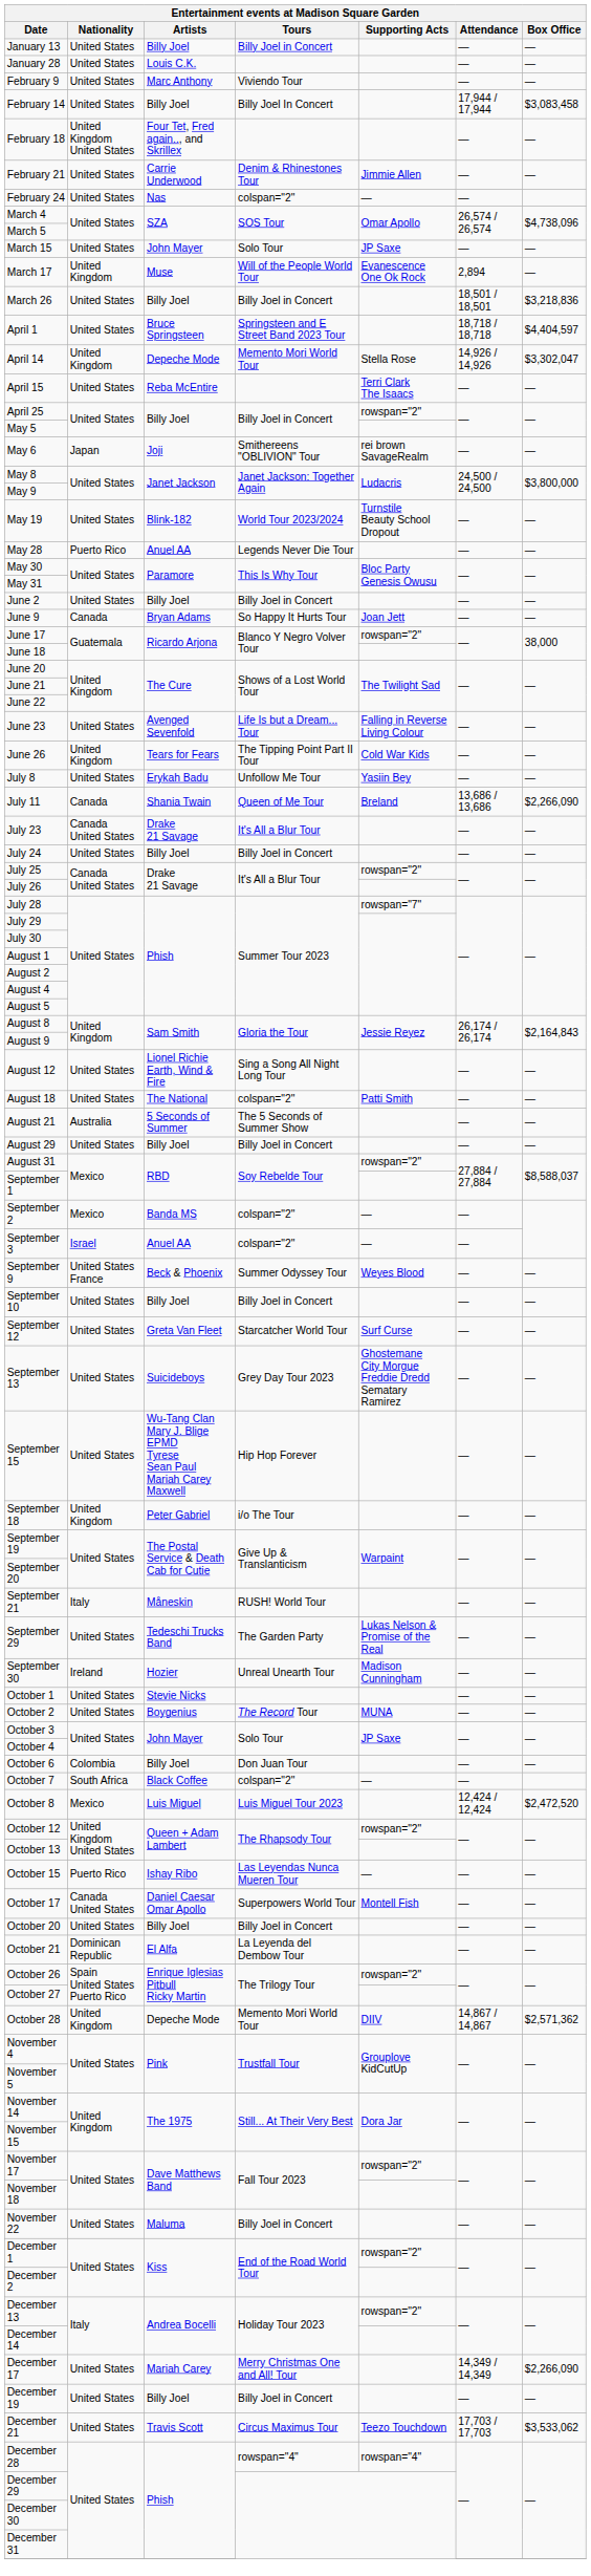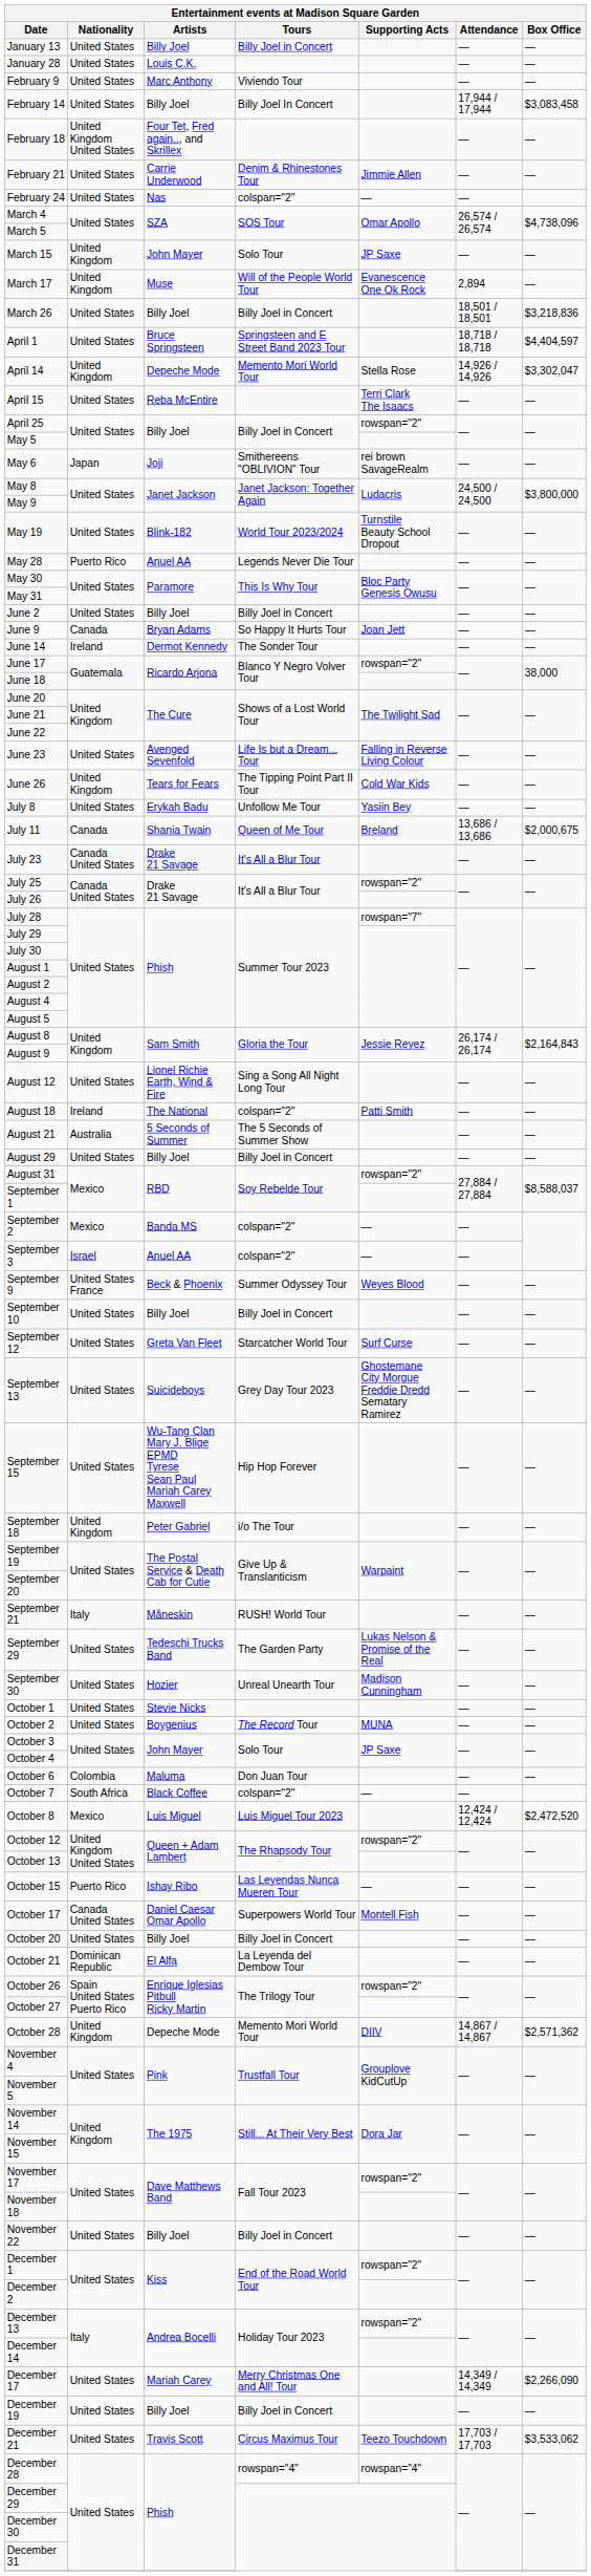 <table class="wikitable">
 <tr>
 <th colspan="7">Entertainment events at Madison Square Garden</th>
 </tr>
 <tr>
 <th width=100>Date</th>
 <th width=150>Nationality</th>
 <th width=200>Artists</th>
 <th width=300>Tours</th>
 <th width=200>Supporting Acts</th>
 <th width=100>Attendance</th>
 <th width=100>Box Office</th>
 </tr>
 <tr>
 <td>January 13</td>
 <td>United States</td>
 <td><a href='#'>Billy Joel</a></td>
 <td><a href='#'>Billy Joel in Concert</a></td>
 <td></td>
 <td>—</td>
 <td>—</td>
 </tr>
 <tr>
 <td>January 28</td>
 <td>United States</td>
 <td><a href='#'>Louis C.K.</a></td>
 <td></td>
 <td></td>
 <td>—</td>
 <td>—</td>
 </tr>
 <tr>
 <td>February 9</td>
 <td>United States</td>
 <td><a href='#'>Marc Anthony</a></td>
 <td>Viviendo Tour</td>
 <td></td>
 <td>—</td>
 <td>—</td>
 </tr>
 <tr>
 <td>February 14</td>
 <td>United States</td>
 <td>Billy Joel</td>
 <td>Billy Joel In Concert</td>
 <td></td>
 <td>17,944 / 17,944</td>
 <td>$3,083,458</td>
 </tr>
 <tr>
 <td>February 18</td>
 <td>United Kingdom<br>United States</td>
 <td><a href='#'>Four Tet</a>, <a href='#'>Fred again..</a>, and <a href='#'>Skrillex</a></td>
 <td></td>
 <td></td>
 <td>—</td>
 <td>—</td>
 </tr>
 <tr>
 <td>February 21</td>
 <td>United States</td>
 <td><a href='#'>Carrie Underwood</a></td>
 <td><a href='#'>Denim & Rhinestones Tour</a></td>
 <td><a href='#'>Jimmie Allen</a></td>
 <td>—</td>
 <td>—</td>
 </tr>
 <tr>
 <td>February 24</td>
 <td>United States</td>
 <td><a href='#'>Nas</a></td>
 <td>colspan="2" </td>
 <td>—</td>
 <td>—</td>
 </tr>
 <tr>
 <td>March 4</td>
 <td rowspan="2">United States</td>
 <td rowspan="2"><a href='#'>SZA</a></td>
 <td rowspan="2"><a href='#'>SOS Tour</a></td>
 <td rowspan="2"><a href='#'>Omar Apollo</a></td>
 <td rowspan="2">26,574 / 26,574</td>
 <td rowspan="2">$4,738,096</td>
 </tr>
 <tr>
 <td>March 5</td>
 </tr>
 <tr>
 <td>March 15</td>
-<td>United States</td>
+<td>United Kingdom</td>
 <td><a href='#'>John Mayer</a></td>
 <td>Solo Tour</td>
 <td><a href='#'>JP Saxe</a></td>
 <td>—</td>
 <td>—</td>
 </tr>
 <tr>
 <td>March 17</td>
 <td>United Kingdom</td>
 <td><a href='#'>Muse</a></td>
 <td><a href='#'>Will of the People World Tour</a></td>
 <td><a href='#'>Evanescence</a><br><a href='#'>One Ok Rock</a></td>
 <td>2,894</td>
 <td>—</td>
 </tr>
 <tr>
 <td>March 26</td>
 <td>United States</td>
 <td>Billy Joel</td>
 <td>Billy Joel in Concert</td>
 <td></td>
 <td>18,501 / 18,501</td>
 <td>$3,218,836</td>
 </tr>
 <tr>
 <td>April 1</td>
 <td>United States</td>
 <td><a href='#'>Bruce Springsteen</a></td>
 <td><a href='#'>Springsteen and E Street Band 2023 Tour</a></td>
 <td></td>
 <td>18,718 / 18,718</td>
 <td>$4,404,597</td>
 </tr>
 <tr>
 <td>April 14</td>
 <td>United Kingdom</td>
 <td><a href='#'>Depeche Mode</a></td>
 <td><a href='#'>Memento Mori World Tour</a></td>
 <td>Stella Rose</td>
 <td>14,926 / 14,926</td>
 <td>$3,302,047</td>
 </tr>
 <tr>
 <td>April 15</td>
 <td>United States</td>
 <td><a href='#'>Reba McEntire</a></td>
 <td></td>
 <td><a href='#'>Terri Clark</a><br><a href='#'>The Isaacs</a></td>
 <td>—</td>
 <td>—</td>
 </tr>
 <tr>
 <td>April 25</td>
 <td rowspan="2">United States</td>
 <td rowspan="2">Billy Joel</td>
 <td rowspan="2">Billy Joel in Concert</td>
 <td>rowspan="2" </td>
 <td rowspan="2">—</td>
 <td rowspan="2">—</td>
 </tr>
 <tr>
 <td>May 5</td>
 </tr>
 <tr>
 <td>May 6</td>
 <td>Japan</td>
 <td><a href='#'>Joji</a></td>
 <td>Smithereens "OBLIVION" Tour</td>
 <td>rei brown<br>SavageRealm</td>
 <td>—</td>
 <td>—</td>
 </tr>
 <tr>
 <td>May 8</td>
 <td rowspan="2">United States</td>
 <td rowspan="2"><a href='#'>Janet Jackson</a></td>
 <td rowspan="2"><a href='#'>Janet Jackson: Together Again</a></td>
 <td rowspan="2"><a href='#'>Ludacris</a></td>
 <td rowspan="2">24,500 / 24,500</td>
 <td rowspan="2">$3,800,000</td>
 </tr>
 <tr>
 <td>May 9</td>
 </tr>
 <tr>
 <td>May 19</td>
 <td>United States</td>
 <td><a href='#'>Blink-182</a></td>
 <td><a href='#'>World Tour 2023/2024</a></td>
 <td><a href='#'>Turnstile</a><br>Beauty School Dropout</td>
 <td>—</td>
 <td>—</td>
 </tr>
 <tr>
 <td>May 28</td>
 <td>Puerto Rico</td>
 <td><a href='#'>Anuel AA</a></td>
 <td>Legends Never Die Tour</td>
 <td></td>
 <td>—</td>
 <td>—</td>
 </tr>
 <tr>
 <td>May 30</td>
 <td rowspan="2">United States</td>
 <td rowspan="2"><a href='#'>Paramore</a></td>
 <td rowspan="2"><a href='#'>This Is Why Tour</a></td>
 <td rowspan="2"><a href='#'>Bloc Party</a><br><a href='#'>Genesis Owusu</a></td>
 <td rowspan="2">—</td>
 <td rowspan="2">—</td>
 </tr>
 <tr>
 <td>May 31</td>
 </tr>
 <tr>
 <td>June 2</td>
 <td>United States</td>
 <td>Billy Joel</td>
 <td>Billy Joel in Concert</td>
 <td></td>
 <td>—</td>
 <td>—</td>
 </tr>
 <tr>
 <td>June 9</td>
 <td>Canada</td>
 <td><a href='#'>Bryan Adams</a></td>
 <td>So Happy It Hurts Tour</td>
 <td><a href='#'>Joan Jett</a></td>
 <td>—</td>
 <td>—</td>
 </tr>
 <tr>
+<td>June 14</td>
+<td>Ireland</td>
+<td><a href='#'>Dermot Kennedy</a></td>
+<td>The Sonder Tour</td>
+<td></td>
+<td>—</td>
+<td>—</td>
+</tr>
+<tr>
 <td>June 17</td>
 <td rowspan="2">Guatemala</td>
 <td rowspan="2"><a href='#'>Ricardo Arjona</a></td>
 <td rowspan="2">Blanco Y Negro Volver Tour</td>
 <td>rowspan="2" </td>
 <td rowspan="2">—</td>
 <td rowspan="2">38,000</td>
 </tr>
 <tr>
 <td>June 18</td>
 </tr>
 <tr>
 <td>June 20</td>
 <td rowspan="3">United Kingdom</td>
 <td rowspan="3"><a href='#'>The Cure</a></td>
 <td rowspan="3">Shows of a Lost World Tour</td>
 <td rowspan="3"><a href='#'>The Twilight Sad</a></td>
 <td rowspan="3">—</td>
 <td rowspan="3">—</td>
 </tr>
 <tr>
 <td>June 21</td>
 </tr>
 <tr>
 <td>June 22</td>
 </tr>
 <tr>
 <td>June 23</td>
 <td>United States</td>
 <td><a href='#'>Avenged Sevenfold</a></td>
 <td><a href='#'>Life Is but a Dream... Tour</a></td>
 <td><a href='#'>Falling in Reverse</a><br><a href='#'>Living Colour</a></td>
 <td>—</td>
 <td>—</td>
 </tr>
 <tr>
 <td>June 26</td>
 <td>United Kingdom</td>
 <td><a href='#'>Tears for Fears</a></td>
 <td>The Tipping Point Part II Tour</td>
 <td><a href='#'>Cold War Kids</a></td>
 <td>—</td>
 <td>—</td>
 </tr>
 <tr>
 <td>July 8</td>
 <td>United States</td>
 <td><a href='#'>Erykah Badu</a></td>
 <td>Unfollow Me Tour</td>
 <td><a href='#'>Yasiin Bey</a></td>
 <td>—</td>
 <td>—</td>
 </tr>
 <tr>
 <td>July 11</td>
 <td>Canada</td>
 <td><a href='#'>Shania Twain</a></td>
 <td><a href='#'>Queen of Me Tour</a></td>
 <td><a href='#'>Breland</a></td>
 <td>13,686 / 13,686</td>
-<td>$2,266,090</td>
+<td>$2,000,675</td>
 </tr>
 <tr>
 <td>July 23</td>
 <td>Canada<br>United States</td>
 <td><a href='#'>Drake</a><br><a href='#'>21 Savage</a></td>
 <td><a href='#'>It's All a Blur Tour</a></td>
-<td></td>
-<td>—</td>
-<td>—</td>
-</tr>
-<tr>
-<td>July 24</td>
-<td>United States</td>
-<td>Billy Joel</td>
-<td>Billy Joel in Concert</td>
 <td></td>
 <td>—</td>
 <td>—</td>
 </tr>
 <tr>
 <td>July 25</td>
 <td rowspan="2">Canada<br>United States</td>
 <td rowspan="2">Drake<br>21 Savage</td>
 <td rowspan="2">It's All a Blur Tour</td>
 <td>rowspan="2" </td>
 <td rowspan="2">—</td>
 <td rowspan="2">—</td>
 </tr>
 <tr>
 <td>July 26</td>
 </tr>
 <tr>
 <td>July 28</td>
 <td rowspan="7">United States</td>
 <td rowspan="7"><a href='#'>Phish</a></td>
 <td rowspan="7">Summer Tour 2023</td>
 <td>rowspan="7" </td>
 <td rowspan="7">—</td>
 <td rowspan="7">—</td>
 </tr>
 <tr>
 <td>July 29</td>
 </tr>
 <tr>
 <td>July 30</td>
 </tr>
 <tr>
 <td>August 1</td>
 </tr>
 <tr>
 <td>August 2</td>
 </tr>
 <tr>
 <td>August 4</td>
 </tr>
 <tr>
 <td>August 5</td>
 </tr>
 <tr>
 <td>August 8</td>
 <td rowspan="2">United Kingdom</td>
 <td rowspan="2"><a href='#'>Sam Smith</a></td>
 <td rowspan="2"><a href='#'>Gloria the Tour</a></td>
 <td rowspan="2"><a href='#'>Jessie Reyez</a></td>
 <td rowspan="2">26,174 / 26,174</td>
 <td rowspan="2">$2,164,843</td>
 </tr>
 <tr>
 <td>August 9</td>
 </tr>
 <tr>
 <td>August 12</td>
 <td>United States</td>
 <td><a href='#'>Lionel Richie</a><br><a href='#'>Earth, Wind & Fire</a></td>
 <td>Sing a Song All Night Long Tour</td>
 <td></td>
 <td>—</td>
 <td>—</td>
 </tr>
 <tr>
 <td>August 18</td>
-<td>United States</td>
+<td>Ireland</td>
 <td><a href='#'>The National</a></td>
 <td>colspan="2" </td>
 <td><a href='#'>Patti Smith</a></td>
 <td>—</td>
 <td>—</td>
 </tr>
 <tr>
 <td>August 21</td>
 <td>Australia</td>
 <td><a href='#'>5 Seconds of Summer</a></td>
 <td>The 5 Seconds of Summer Show</td>
 <td></td>
 <td>—</td>
 <td>—</td>
 </tr>
 <tr>
 <td>August 29</td>
 <td>United States</td>
 <td>Billy Joel</td>
 <td>Billy Joel in Concert</td>
 <td></td>
 <td>—</td>
 <td>—</td>
 </tr>
 <tr>
 <td>August 31</td>
 <td rowspan="2">Mexico</td>
 <td rowspan="2"><a href='#'>RBD</a></td>
 <td rowspan="2"><a href='#'>Soy Rebelde Tour</a></td>
 <td>rowspan="2" </td>
 <td rowspan="2">27,884 / 27,884</td>
 <td rowspan="2">$8,588,037</td>
 </tr>
 <tr>
 <td>September 1</td>
 </tr>
 <tr>
 <td>September 2</td>
 <td>Mexico</td>
 <td><a href='#'>Banda MS</a></td>
 <td>colspan="2" </td>
 <td>—</td>
 <td>—</td>
 </tr>
 <tr>
 <td>September 3</td>
 <td><a href='#'>Israel</a></td>
 <td><a href='#'>Anuel AA</a></td>
 <td>colspan="2" </td>
 <td>—</td>
 <td>—</td>
 </tr>
 <tr>
 <td>September 9</td>
 <td>United States<br>France</td>
 <td><a href='#'>Beck</a> & <a href='#'>Phoenix</a></td>
 <td>Summer Odyssey Tour</td>
 <td><a href='#'>Weyes Blood</a></td>
 <td>—</td>
 <td>—</td>
 </tr>
 <tr>
 <td>September 10</td>
 <td>United States</td>
 <td>Billy Joel</td>
 <td>Billy Joel in Concert</td>
 <td></td>
 <td>—</td>
 <td>—</td>
 </tr>
 <tr>
 <td>September 12</td>
 <td>United States</td>
 <td><a href='#'>Greta Van Fleet</a></td>
 <td>Starcatcher World Tour</td>
 <td><a href='#'>Surf Curse</a></td>
 <td>—</td>
 <td>—</td>
 </tr>
 <tr>
 <td>September 13</td>
 <td>United States</td>
 <td><a href='#'>Suicideboys</a></td>
 <td>Grey Day Tour 2023</td>
 <td><a href='#'>Ghostemane</a><br><a href='#'>City Morgue</a><br><a href='#'>Freddie Dredd</a><br>Sematary<br>Ramirez</td>
 <td>—</td>
 <td>—</td>
 </tr>
 <tr>
 <td>September 15</td>
 <td>United States</td>
 <td><a href='#'>Wu-Tang Clan</a><br><a href='#'>Mary J. Blige</a><br><a href='#'>EPMD</a><br><a href='#'>Tyrese</a><br><a href='#'>Sean Paul</a><br><a href='#'>Mariah Carey</a><br><a href='#'>Maxwell</a></td>
 <td>Hip Hop Forever</td>
 <td></td>
 <td>—</td>
 <td>—</td>
 </tr>
 <tr>
 <td>September 18</td>
 <td>United Kingdom</td>
 <td><a href='#'>Peter Gabriel</a></td>
 <td>i/o The Tour</td>
 <td></td>
 <td>—</td>
 <td>—</td>
 </tr>
 <tr>
 <td>September 19</td>
 <td rowspan="2">United States</td>
 <td rowspan="2"><a href='#'>The Postal Service</a> & <a href='#'>Death Cab for Cutie</a></td>
 <td rowspan="2">Give Up & Translanticism</td>
 <td rowspan="2"><a href='#'>Warpaint</a></td>
 <td rowspan="2">—</td>
 <td rowspan="2">—</td>
 </tr>
 <tr>
 <td>September 20</td>
 </tr>
 <tr>
 <td>September 21</td>
 <td>Italy</td>
 <td><a href='#'>Måneskin</a></td>
 <td>RUSH! World Tour</td>
 <td></td>
 <td>—</td>
 <td>—</td>
 </tr>
 <tr>
 <td>September 29</td>
 <td>United States</td>
 <td><a href='#'>Tedeschi Trucks Band</a></td>
 <td>The Garden Party</td>
 <td><a href='#'>Lukas Nelson & Promise of the Real</a></td>
 <td>—</td>
 <td>—</td>
 </tr>
 <tr>
 <td>September 30</td>
-<td>Ireland</td>
+<td>United States</td>
 <td><a href='#'>Hozier</a></td>
 <td>Unreal Unearth Tour</td>
 <td><a href='#'>Madison Cunningham</a></td>
 <td>—</td>
 <td>—</td>
 </tr>
 <tr>
 <td>October 1</td>
 <td>United States</td>
 <td><a href='#'>Stevie Nicks</a></td>
 <td></td>
 <td></td>
 <td>—</td>
 <td>—</td>
 </tr>
 <tr>
 <td>October 2</td>
 <td>United States</td>
 <td><a href='#'>Boygenius</a></td>
 <td><em><a href='#'>The Record</a></em> Tour</td>
 <td><a href='#'>MUNA</a></td>
 <td>—</td>
 <td>—</td>
 </tr>
 <tr>
 <td>October 3</td>
 <td rowspan="2">United States</td>
 <td rowspan="2"><a href='#'>John Mayer</a></td>
 <td rowspan="2">Solo Tour</td>
 <td rowspan="2"><a href='#'>JP Saxe</a></td>
 <td rowspan="2">—</td>
 <td rowspan="2">—</td>
 </tr>
 <tr>
 <td>October 4</td>
 </tr>
 <tr>
 <td>October 6</td>
 <td>Colombia</td>
-<td>Billy Joel</td>
+<td><a href='#'>Maluma</a></td>
 <td>Don Juan Tour</td>
 <td></td>
 <td>—</td>
 <td>—</td>
 </tr>
 <tr>
 <td>October 7</td>
 <td>South Africa</td>
 <td><a href='#'>Black Coffee</a></td>
 <td>colspan="2" </td>
 <td>—</td>
 <td>—</td>
 </tr>
 <tr>
 <td>October 8</td>
 <td>Mexico</td>
 <td><a href='#'>Luis Miguel</a></td>
 <td><a href='#'>Luis Miguel Tour 2023</a></td>
 <td></td>
 <td>12,424 / 12,424</td>
 <td>$2,472,520</td>
 </tr>
 <tr>
 <td>October 12</td>
 <td rowspan="2">United Kingdom<br>United States</td>
 <td rowspan="2"><a href='#'>Queen + Adam Lambert</a></td>
 <td rowspan="2"><a href='#'>The Rhapsody Tour</a></td>
 <td>rowspan="2" </td>
 <td rowspan="2">—</td>
 <td rowspan="2">—</td>
 </tr>
 <tr>
 <td>October 13</td>
 </tr>
 <tr>
 <td>October 15</td>
 <td>Puerto Rico</td>
 <td><a href='#'>Ishay Ribo</a></td>
 <td><a href='#'>Las Leyendas Nunca Mueren Tour</a></td>
 <td>—</td>
 <td>—</td>
 <td>—</td>
 </tr>
 <tr>
 <td>October 17</td>
 <td>Canada<br>United States</td>
 <td><a href='#'>Daniel Caesar</a><br><a href='#'>Omar Apollo</a></td>
 <td>Superpowers World Tour</td>
 <td><a href='#'>Montell Fish</a></td>
 <td>—</td>
 <td>—</td>
 </tr>
 <tr>
 <td>October 20</td>
 <td>United States</td>
 <td>Billy Joel</td>
 <td>Billy Joel in Concert</td>
 <td></td>
 <td>—</td>
 <td>—</td>
 </tr>
 <tr>
 <td>October 21</td>
 <td>Dominican Republic</td>
 <td><a href='#'>El Alfa</a></td>
 <td>La Leyenda del Dembow Tour</td>
 <td></td>
 <td>—</td>
 <td>—</td>
 </tr>
 <tr>
 <td>October 26</td>
 <td rowspan="2">Spain<br>United States<br>Puerto Rico</td>
 <td rowspan="2"><a href='#'>Enrique Iglesias</a><br><a href='#'>Pitbull</a><br><a href='#'>Ricky Martin</a></td>
 <td rowspan="2">The Trilogy Tour</td>
 <td>rowspan="2" </td>
 <td rowspan="2">—</td>
 <td rowspan="2">—</td>
 </tr>
 <tr>
 <td>October 27</td>
 </tr>
 <tr>
 <td>October 28</td>
 <td>United Kingdom</td>
 <td>Depeche Mode</td>
 <td>Memento Mori World Tour</td>
 <td><a href='#'>DIIV</a></td>
 <td>14,867 / 14,867</td>
 <td>$2,571,362</td>
 </tr>
 <tr>
 <td>November 4</td>
 <td rowspan="2">United States</td>
 <td rowspan="2"><a href='#'>Pink</a></td>
 <td rowspan="2"><a href='#'>Trustfall Tour</a></td>
 <td rowspan="2"><a href='#'>Grouplove</a><br>KidCutUp</td>
 <td rowspan="2">—</td>
 <td rowspan="2">—</td>
 </tr>
 <tr>
 <td>November 5</td>
 </tr>
 <tr>
 <td>November 14</td>
 <td rowspan="2">United Kingdom</td>
 <td rowspan="2"><a href='#'>The 1975</a></td>
 <td rowspan="2"><a href='#'>Still... At Their Very Best</a></td>
 <td rowspan="2"><a href='#'>Dora Jar</a></td>
 <td rowspan="2">—</td>
 <td rowspan="2">—</td>
 </tr>
 <tr>
 <td>November 15</td>
 </tr>
 <tr>
 <td>November 17</td>
 <td rowspan="2">United States</td>
 <td rowspan="2"><a href='#'>Dave Matthews Band</a></td>
 <td rowspan="2">Fall Tour 2023</td>
 <td>rowspan="2" </td>
 <td rowspan="2">—</td>
 <td rowspan="2">—</td>
 </tr>
 <tr>
 <td>November 18</td>
 </tr>
 <tr>
 <td>November 22</td>
 <td>United States</td>
-<td><a href='#'>Maluma</a></td>
+<td>Billy Joel</td>
 <td>Billy Joel in Concert</td>
 <td></td>
 <td>—</td>
 <td>—</td>
 </tr>
 <tr>
 <td>December 1</td>
 <td rowspan="2">United States</td>
 <td rowspan="2"><a href='#'>Kiss</a></td>
 <td rowspan="2"><a href='#'>End of the Road World Tour</a></td>
 <td>rowspan="2" </td>
 <td rowspan="2">—</td>
 <td rowspan="2">—</td>
 </tr>
 <tr>
 <td>December 2</td>
 </tr>
 <tr>
 <td>December 13</td>
 <td rowspan="2">Italy</td>
 <td rowspan="2"><a href='#'>Andrea Bocelli</a></td>
 <td rowspan="2">Holiday Tour 2023</td>
 <td>rowspan="2" </td>
 <td rowspan="2">—</td>
 <td rowspan="2">—</td>
 </tr>
 <tr>
 <td>December 14</td>
 </tr>
 <tr>
 <td>December 17</td>
 <td>United States</td>
 <td><a href='#'>Mariah Carey</a></td>
 <td><a href='#'>Merry Christmas One and All! Tour</a></td>
 <td></td>
 <td>14,349 / 14,349</td>
 <td>$2,266,090</td>
 </tr>
 <tr>
 <td>December 19</td>
 <td>United States</td>
 <td>Billy Joel</td>
 <td>Billy Joel in Concert</td>
 <td></td>
 <td>—</td>
 <td>—</td>
 </tr>
 <tr>
 <td>December 21</td>
 <td>United States</td>
 <td><a href='#'>Travis Scott</a></td>
 <td><a href='#'>Circus Maximus Tour</a></td>
 <td><a href='#'>Teezo Touchdown</a></td>
 <td>17,703 / 17,703</td>
 <td>$3,533,062</td>
 </tr>
 <tr>
 <td>December 28</td>
 <td rowspan="4">United States</td>
 <td rowspan="4"><a href='#'>Phish</a></td>
 <td>rowspan="4" </td>
 <td>rowspan="4" </td>
 <td rowspan="4">—</td>
 <td rowspan="4">—</td>
 </tr>
 <tr>
 <td>December 29</td>
 </tr>
 <tr>
 <td>December 30</td>
 </tr>
 <tr>
 <td>December 31</td>
 </tr>
 <tr>
 </tr>
 </table>
